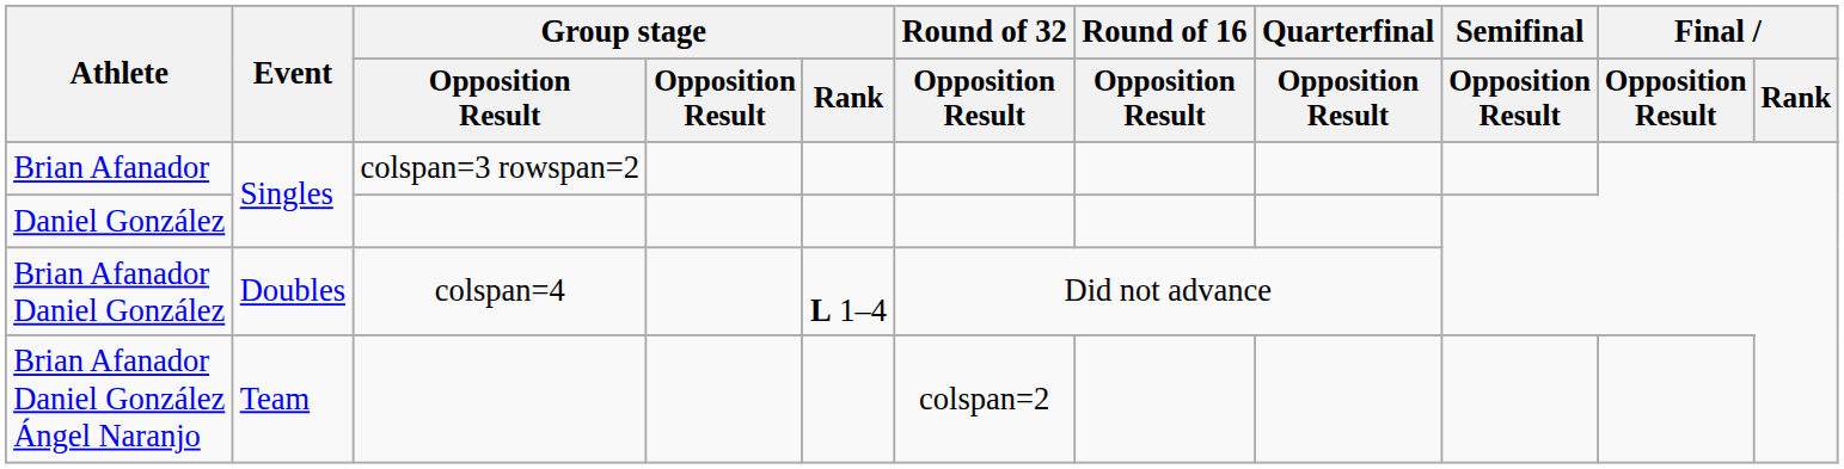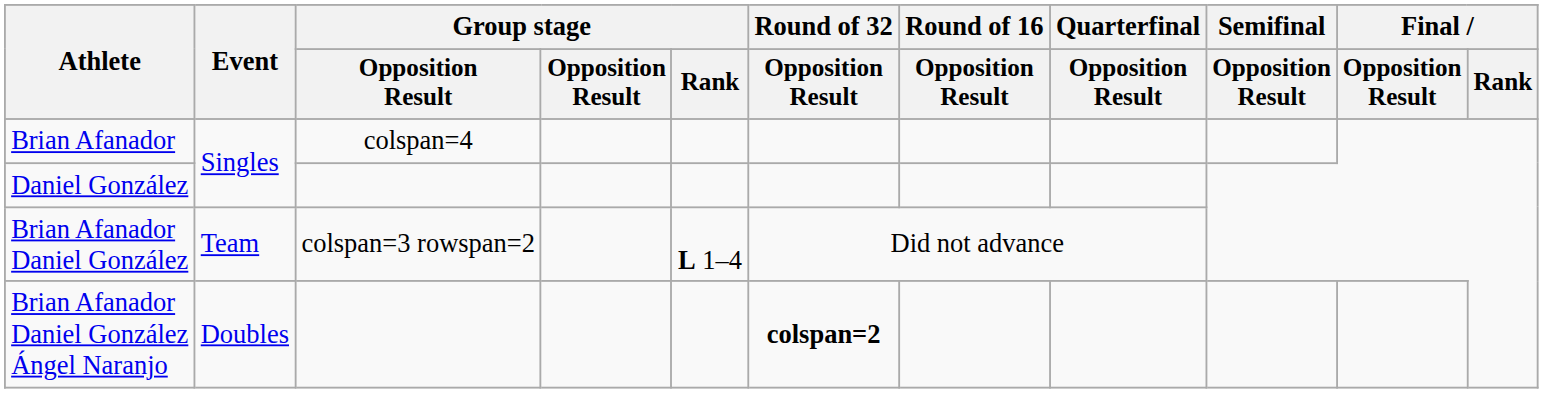 <table class=wikitable style=font-size:90%;text-align:center>
 <tr>
 <th rowspan=2>Athlete</th>
 <th rowspan=2>Event</th>
 <th colspan=3>Group stage</th>
 <th>Round of 32</th>
 <th>Round of 16</th>
 <th>Quarterfinal</th>
 <th>Semifinal</th>
 <th colspan=2>Final / </th>
 </tr>
 <tr style=font-size:95%>
 <th>Opposition<br>Result</th>
 <th>Opposition<br>Result</th>
 <th>Rank</th>
 <th>Opposition<br>Result</th>
 <th>Opposition<br>Result</th>
 <th>Opposition<br>Result</th>
 <th>Opposition<br>Result</th>
 <th>Opposition<br>Result</th>
 <th>Rank</th>
 </tr>
 <tr>
 <td align=left><a href='#'>Brian Afanador</a></td>
 <td align=left rowspan=2><a href='#'>Singles</a></td>
-<td>colspan=3 rowspan=2 </td>
+<td>colspan=4 </td>
 <td><br></td>
 <td></td>
 <td></td>
 <td></td>
 <td></td>
 <td></td>
 </tr>
 <tr>
 <td align=left><a href='#'>Daniel González</a></td>
 <td><br></td>
 <td></td>
 <td></td>
 <td></td>
 <td></td>
 <td></td>
 </tr>
 <tr>
 <td align=left><a href='#'>Brian Afanador</a><br><a href='#'>Daniel González</a></td>
-<td align=left><a href='#'>Doubles</a></td>
-<td>colspan=4 </td>
+<td align=left><a href='#'>Team</a></td>
+<td>colspan=3 rowspan=2 </td>
 <td></td>
 <td><br><strong>L</strong> 1–4</td>
 <td colspan=3>Did not advance</td>
 </tr>
 <tr>
 <td align=left><a href='#'>Brian Afanador</a><br><a href='#'>Daniel González</a><br><a href='#'>Ángel Naranjo</a></td>
-<td align=left><a href='#'>Team</a></td>
+<td align=left><a href='#'>Doubles</a></td>
 <td></td>
 <td></td>
 <td></td>
-<td>colspan=2 </td>
+<td><strong>colspan=2 </strong></td>
 <td></td>
 <td></td>
 <td></td>
 <td></td>
 </tr>
 </table>
